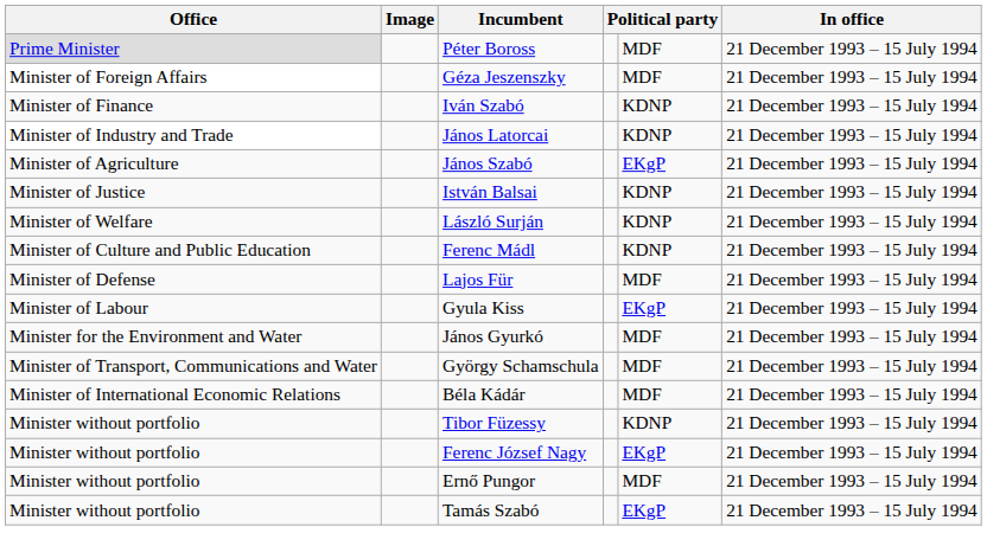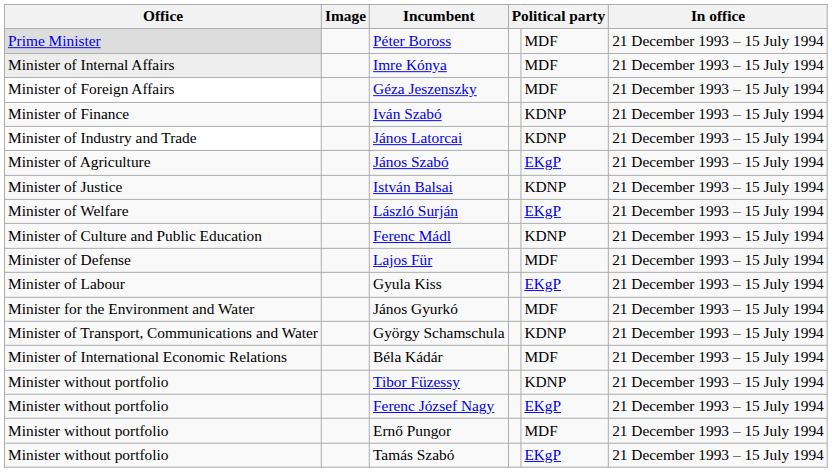 <table class="wikitable">
 <tr>
 <th>Office</th>
 <th>Image</th>
 <th>Incumbent</th>
 <th colspan="2">Political party</th>
 <th>In office</th>
 </tr>
 <tr>
 <td style="background:#ddd;"><a href='#'>Prime Minister</a></td>
 <td></td>
 <td><a href='#'>Péter Boross</a></td>
+<td style="background-color: "></td>
+<td>MDF</td>
+<td>21 December 1993 – 15 July 1994</td>
+</tr>
+<tr>
+<td style="background:#eee;">Minister of Internal Affairs</td>
+<td></td>
+<td><a href='#'>Imre Kónya</a></td>
 <td style="background-color: "></td>
 <td>MDF</td>
 <td>21 December 1993 – 15 July 1994</td>
 </tr>
 <tr>
 <td style="background:#fff;">Minister of Foreign Affairs</td>
 <td></td>
 <td><a href='#'>Géza Jeszenszky</a></td>
 <td style="background-color: "></td>
 <td>MDF</td>
 <td>21 December 1993 – 15 July 1994</td>
 </tr>
 <tr>
 <td>Minister of Finance</td>
 <td></td>
 <td><a href='#'>Iván Szabó</a></td>
 <td style="background-color: "></td>
 <td>KDNP</td>
 <td>21 December 1993 – 15 July 1994</td>
 </tr>
 <tr>
 <td style="background:#fff;">Minister of Industry and Trade</td>
 <td></td>
 <td><a href='#'>János Latorcai</a></td>
 <td style="background-color: "></td>
 <td>KDNP</td>
 <td>21 December 1993 – 15 July 1994</td>
 </tr>
 <tr>
 <td>Minister of Agriculture</td>
 <td></td>
 <td><a href='#'>János Szabó</a></td>
 <td style="background-color: "></td>
 <td><a href='#'>EKgP</a></td>
 <td>21 December 1993 – 15 July 1994</td>
 </tr>
 <tr>
 <td>Minister of Justice</td>
 <td></td>
 <td><a href='#'>István Balsai</a></td>
 <td style="background-color: "></td>
 <td>KDNP</td>
 <td>21 December 1993 – 15 July 1994</td>
 </tr>
 <tr>
 <td>Minister of Welfare</td>
 <td></td>
 <td><a href='#'>László Surján</a></td>
 <td style="background-color: "></td>
-<td>KDNP</td>
+<td><a href='#'>EKgP</a></td>
 <td>21 December 1993 – 15 July 1994</td>
 </tr>
 <tr>
 <td>Minister of Culture and Public Education</td>
 <td></td>
 <td><a href='#'>Ferenc Mádl</a></td>
 <td style="background-color: "></td>
 <td>KDNP</td>
 <td>21 December 1993 – 15 July 1994</td>
 </tr>
 <tr>
 <td>Minister of Defense</td>
 <td></td>
 <td><a href='#'>Lajos Für</a></td>
 <td style="background-color: "></td>
 <td>MDF</td>
 <td>21 December 1993 – 15 July 1994</td>
 </tr>
 <tr>
 <td>Minister of Labour</td>
 <td></td>
 <td>Gyula Kiss</td>
 <td style="background-color: "></td>
 <td><a href='#'>EKgP</a></td>
 <td>21 December 1993 – 15 July 1994</td>
 </tr>
 <tr>
 <td>Minister for the Environment and Water</td>
 <td></td>
 <td>János Gyurkó</td>
 <td style="background-color: "></td>
 <td>MDF</td>
 <td>21 December 1993 – 15 July 1994</td>
 </tr>
 <tr>
 <td>Minister of Transport, Communications and Water</td>
 <td></td>
 <td>György Schamschula</td>
 <td style="background-color: "></td>
-<td>MDF</td>
+<td>KDNP</td>
 <td>21 December 1993 – 15 July 1994</td>
 </tr>
 <tr>
 <td>Minister of International Economic Relations</td>
 <td></td>
 <td>Béla Kádár</td>
 <td style="background-color: "></td>
 <td>MDF</td>
 <td>21 December 1993 – 15 July 1994</td>
 </tr>
 <tr>
 <td>Minister without portfolio </td>
 <td></td>
 <td><a href='#'>Tibor Füzessy</a></td>
 <td style="background-color: "></td>
 <td>KDNP</td>
 <td>21 December 1993 – 15 July 1994</td>
 </tr>
 <tr>
 <td>Minister without portfolio</td>
 <td></td>
 <td><a href='#'>Ferenc József Nagy</a></td>
 <td style="background-color: "></td>
 <td><a href='#'>EKgP</a></td>
 <td>21 December 1993 – 15 July 1994</td>
 </tr>
 <tr>
 <td>Minister without portfolio</td>
 <td></td>
 <td>Ernő Pungor</td>
 <td style="background-color: "></td>
 <td>MDF</td>
 <td>21 December 1993 – 15 July 1994</td>
 </tr>
 <tr>
 <td>Minister without portfolio</td>
 <td></td>
 <td>Tamás Szabó</td>
 <td style="background-color: "></td>
 <td><a href='#'>EKgP</a></td>
 <td>21 December 1993 – 15 July 1994</td>
 </tr>
 </table>
